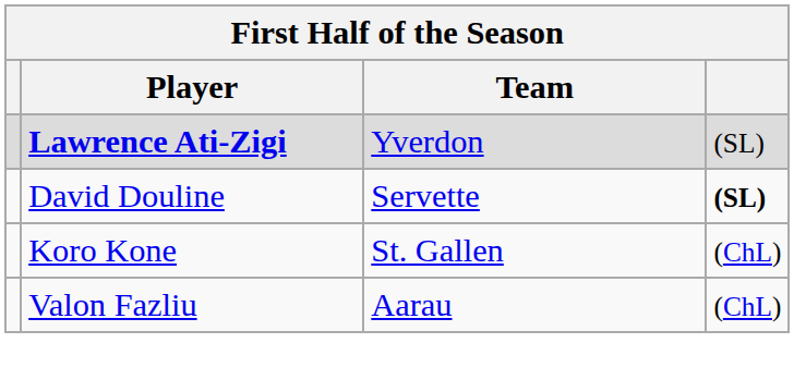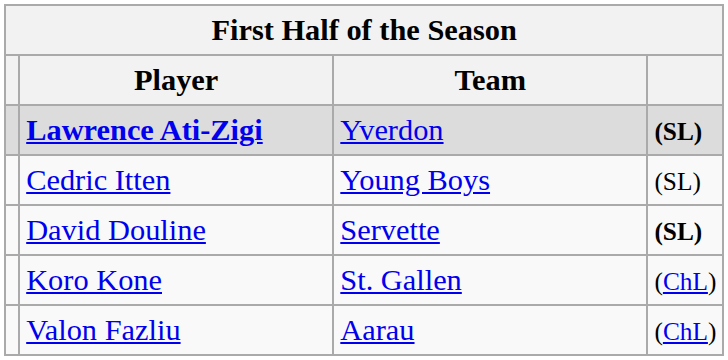 <table class="wikitable" style="text-align:left;font-size:95%">
 <tr>
 <th colspan=4>First Half of the Season</th>
 </tr>
 <tr>
 <th align=center></th>
 <th width=150>Player</th>
 <th width=150>Team</th>
 <th width=20></th>
 </tr>
 <tr style="background:#dcdcdc;">
 <td></td>
 <td><strong><a href='#'>Lawrence Ati-Zigi</a></strong></td>
 <td><a href='#'>Yverdon</a></td>
+<td><strong><small>(SL)</small></strong></td>
+</tr>
+<tr>
+<td></td>
+<td><a href='#'>Cedric Itten</a></td>
+<td><a href='#'>Young Boys</a></td>
 <td><small>(SL)</small></td>
 </tr>
 <tr>
 <td></td>
 <td><a href='#'>David Douline</a></td>
 <td><a href='#'>Servette</a></td>
 <td><strong><small>(SL)</small></strong></td>
 </tr>
 <tr>
 <td></td>
 <td><a href='#'>Koro Kone</a></td>
 <td><a href='#'>St. Gallen</a></td>
 <td><small>(<a href='#'>ChL</a>)</small></td>
 </tr>
 <tr>
 <td></td>
 <td><a href='#'>Valon Fazliu</a></td>
 <td><a href='#'>Aarau</a></td>
 <td><small>(<a href='#'>ChL</a>)</small></td>
 </tr>
 </table>
